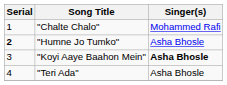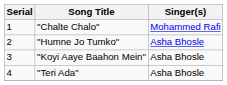 <table class="wikitable">
 <tr>
 <th>Serial</th>
 <th>Song Title</th>
 <th>Singer(s)</th>
 </tr>
 <tr>
 <td>1</td>
 <td>"Chalte Chalo"</td>
 <td><a href='#'>Mohammed Rafi</a></td>
 </tr>
 <tr>
-<td><strong>2</strong></td>
+<td>2</td>
 <td>"Humne Jo Tumko"</td>
 <td><a href='#'>Asha Bhosle</a></td>
 </tr>
 <tr>
 <td>3</td>
 <td>"Koyi Aaye Baahon Mein"</td>
-<td><strong>Asha Bhosle</strong></td>
+<td>Asha Bhosle</td>
 </tr>
 <tr>
 <td>4</td>
 <td>"Teri Ada"</td>
 <td>Asha Bhosle</td>
 </tr>
 <tr>
 </tr>
 </table>
